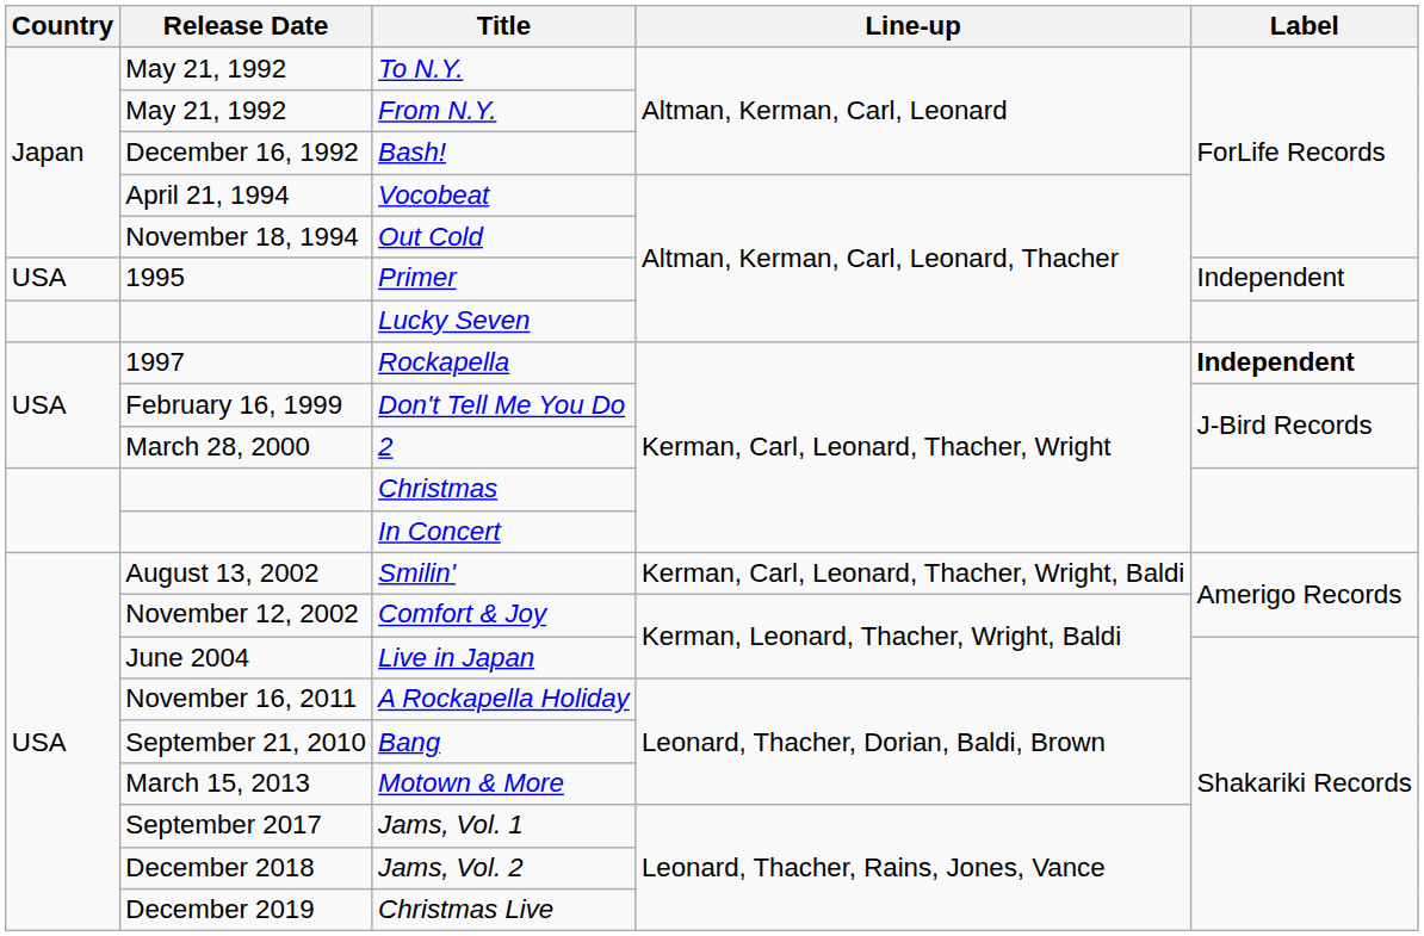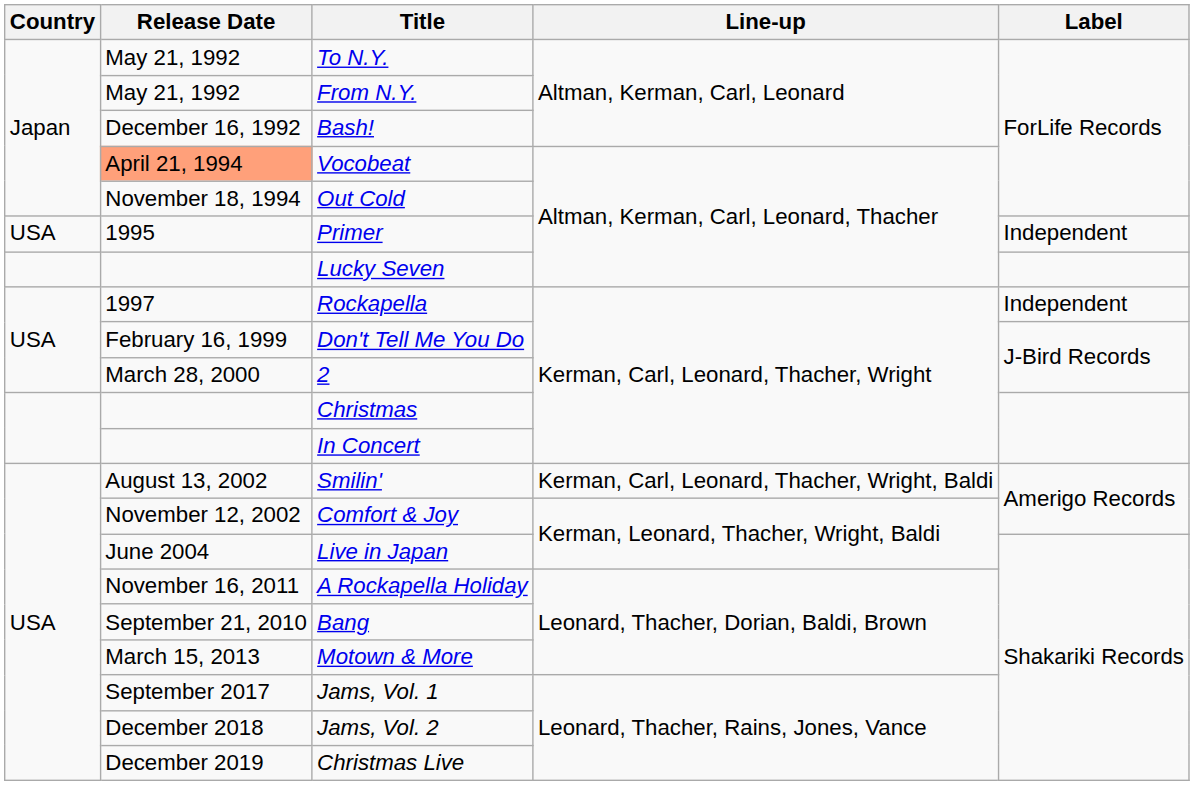 <table class="wikitable">
 <tr>
 <th>Country</th>
 <th>Release Date</th>
 <th>Title</th>
 <th>Line-up</th>
 <th>Label</th>
 </tr>
 <tr>
 <td rowspan="5">Japan</td>
 <td>May 21, 1992</td>
 <td><em><a href='#'>To N.Y.</a></em></td>
 <td rowspan="3">Altman, Kerman, Carl, Leonard</td>
 <td rowspan="5">ForLife Records</td>
 </tr>
 <tr>
 <td>May 21, 1992</td>
 <td><em><a href='#'>From N.Y.</a></em></td>
 </tr>
 <tr>
 <td>December 16, 1992</td>
 <td><em><a href='#'>Bash!</a></em></td>
 </tr>
 <tr>
-<td>April 21, 1994</td>
+<td style="background: lightsalmon;">April 21, 1994</td>
 <td><em><a href='#'>Vocobeat</a></em></td>
 <td rowspan="4">Altman, Kerman, Carl, Leonard, Thacher</td>
 </tr>
 <tr>
 <td>November 18, 1994</td>
 <td><em><a href='#'>Out Cold</a></em></td>
 </tr>
 <tr>
 <td>USA</td>
 <td>1995</td>
 <td><em><a href='#'>Primer</a></em></td>
 <td>Independent</td>
 </tr>
 <tr>
 <td></td>
 <td></td>
 <td><em><a href='#'>Lucky Seven</a></em></td>
 <td></td>
 </tr>
 <tr>
 <td rowspan="3">USA</td>
 <td>1997</td>
 <td><em><a href='#'>Rockapella</a></em></td>
 <td rowspan="5">Kerman, Carl, Leonard, Thacher, Wright</td>
-<td><strong>Independent</strong></td>
+<td>Independent</td>
 </tr>
 <tr>
 <td>February 16, 1999</td>
 <td><em><a href='#'>Don't Tell Me You Do</a></em></td>
 <td rowspan="2">J-Bird Records</td>
 </tr>
 <tr>
 <td>March 28, 2000</td>
 <td><em><a href='#'>2</a></em></td>
 </tr>
 <tr>
 <td rowspan="2"></td>
 <td></td>
 <td><em><a href='#'>Christmas</a></em></td>
 <td rowspan="2"></td>
 </tr>
 <tr>
 <td></td>
 <td><em><a href='#'>In Concert</a></em></td>
 </tr>
 <tr>
 <td rowspan="9">USA</td>
 <td>August 13, 2002</td>
 <td><em><a href='#'>Smilin'</a></em></td>
 <td>Kerman, Carl, Leonard, Thacher, Wright, Baldi</td>
 <td rowspan="2">Amerigo Records</td>
 </tr>
 <tr>
 <td>November 12, 2002</td>
 <td><em><a href='#'>Comfort & Joy</a></em></td>
 <td rowspan="2">Kerman, Leonard, Thacher, Wright, Baldi</td>
 </tr>
 <tr>
 <td>June 2004</td>
 <td><em><a href='#'>Live in Japan</a></em></td>
 <td rowspan="7">Shakariki Records</td>
 </tr>
 <tr>
 <td>November 16, 2011</td>
 <td><em><a href='#'>A Rockapella Holiday</a></em></td>
 <td rowspan="3">Leonard, Thacher, Dorian, Baldi, Brown</td>
 </tr>
 <tr>
 <td>September 21, 2010</td>
 <td><em><a href='#'>Bang</a></em></td>
 </tr>
 <tr>
 <td>March 15, 2013</td>
 <td><em><a href='#'>Motown & More</a></em></td>
 </tr>
 <tr>
 <td>September 2017</td>
 <td><em>Jams, Vol. 1</em></td>
 <td rowspan="3">Leonard, Thacher, Rains, Jones, Vance</td>
 </tr>
 <tr>
 <td>December 2018</td>
 <td><em>Jams, Vol. 2</em></td>
 </tr>
 <tr>
 <td>December 2019</td>
 <td><em>Christmas Live</em></td>
 </tr>
 </table>
